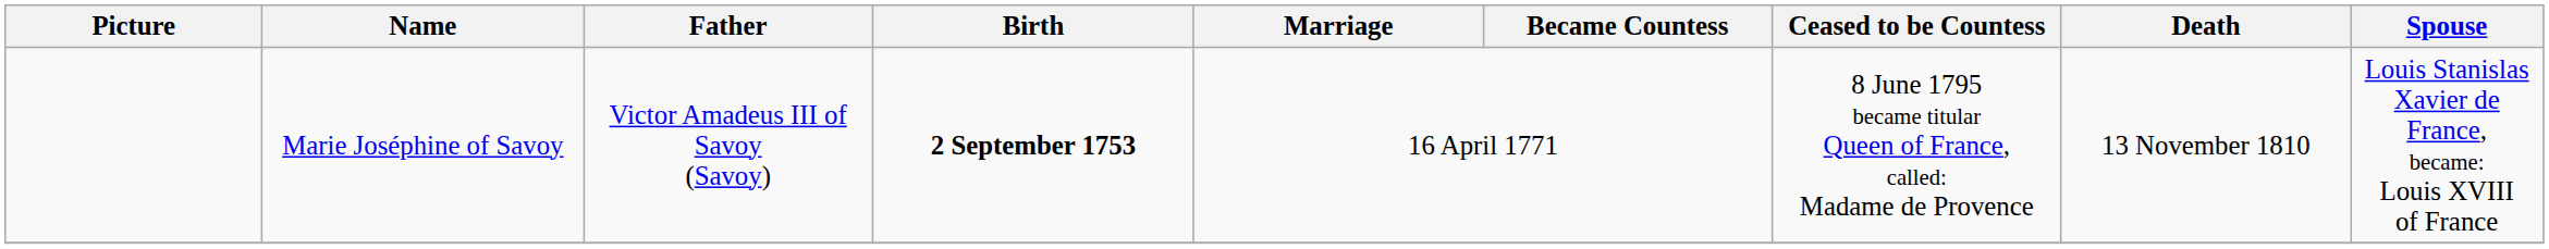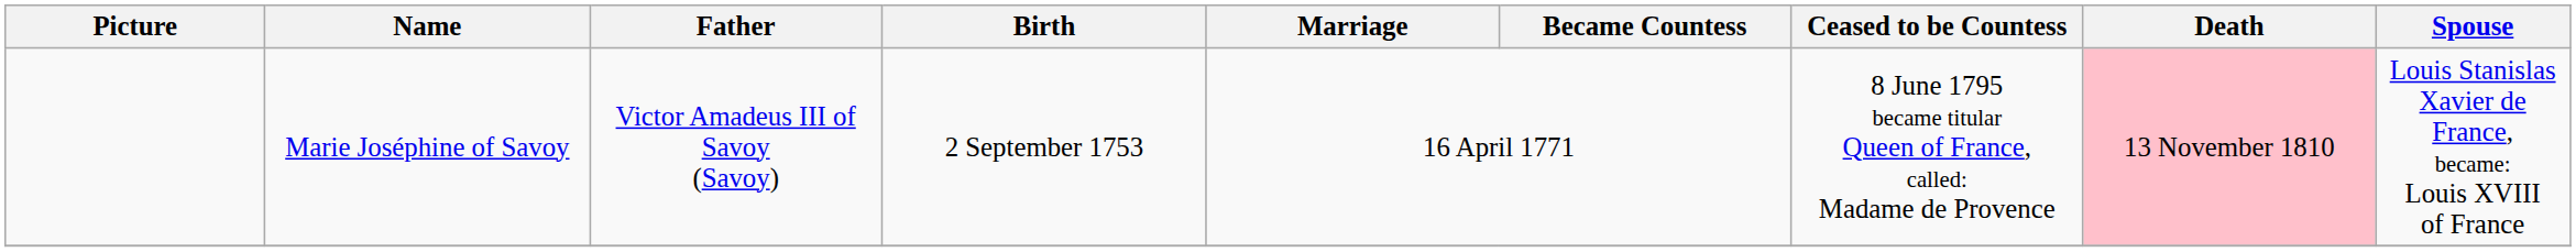 <table width=95% class="wikitable">
 <tr>
 <th width = "8%">Picture</th>
 <th width = "10%">Name</th>
 <th width = "9%">Father</th>
 <th width = "10%">Birth</th>
 <th width = "9%">Marriage</th>
 <th width = "9%">Became Countess</th>
 <th width = "9%">Ceased to be Countess</th>
 <th width = "9%">Death</th>
 <th width = "6%"><a href='#'>Spouse</a></th>
 </tr>
 <tr>
 <td align="center"></td>
 <td align="center"><a href='#'>Marie Joséphine of Savoy</a></td>
 <td align="center"><a href='#'>Victor Amadeus III of Savoy</a><br>(<a href='#'>Savoy</a>)</td>
-<td align="center"><strong>2 September 1753</strong></td>
+<td align="center">2 September 1753</td>
 <td align="center" colspan="2">16 April 1771</td>
 <td align="center">8 June 1795<br><small>became titular</small><br><a href='#'>Queen of France</a>,<br><small>called:</small><br>Madame de Provence</td>
-<td align="center">13 November 1810</td>
+<td align="center" style="background: pink;">13 November 1810</td>
 <td align="center"><a href='#'>Louis Stanislas Xavier de France</a>,<br><small>became:</small><br>Louis XVIII<br>of France</td>
 </tr>
 <tr>
 </tr>
 </table>
